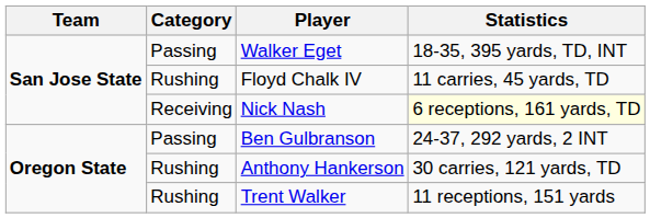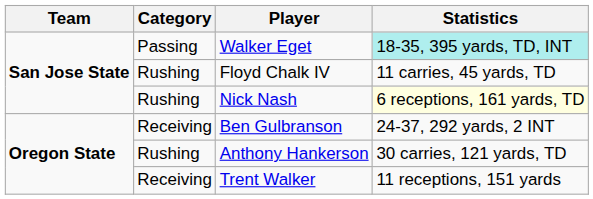 <table class="wikitable" style="float: right;">
 <tr>
 <th>Team</th>
 <th>Category</th>
 <th>Player</th>
 <th>Statistics</th>
 </tr>
 <tr>
 <td rowspan=3><strong>San Jose State</strong></td>
 <td>Passing</td>
 <td><a href='#'>Walker Eget</a></td>
-<td>18-35, 395 yards, TD, INT</td>
+<td style="background: paleturquoise;">18-35, 395 yards, TD, INT</td>
 </tr>
 <tr>
 <td>Rushing</td>
 <td>Floyd Chalk IV</td>
 <td>11 carries, 45 yards, TD</td>
 </tr>
 <tr>
-<td>Receiving</td>
+<td>Rushing</td>
 <td><a href='#'>Nick Nash</a></td>
 <td style="background: lightyellow;">6 receptions, 161 yards, TD</td>
 </tr>
 <tr>
 <td rowspan=3><strong>Oregon State</strong></td>
-<td>Passing</td>
+<td>Receiving</td>
 <td><a href='#'>Ben Gulbranson</a></td>
 <td>24-37, 292 yards, 2 INT</td>
 </tr>
 <tr>
 <td>Rushing</td>
 <td><a href='#'>Anthony Hankerson</a></td>
 <td>30 carries, 121 yards, TD</td>
 </tr>
 <tr>
-<td>Rushing</td>
+<td>Receiving</td>
 <td><a href='#'>Trent Walker</a></td>
 <td>11 receptions, 151 yards</td>
 </tr>
 </table>
